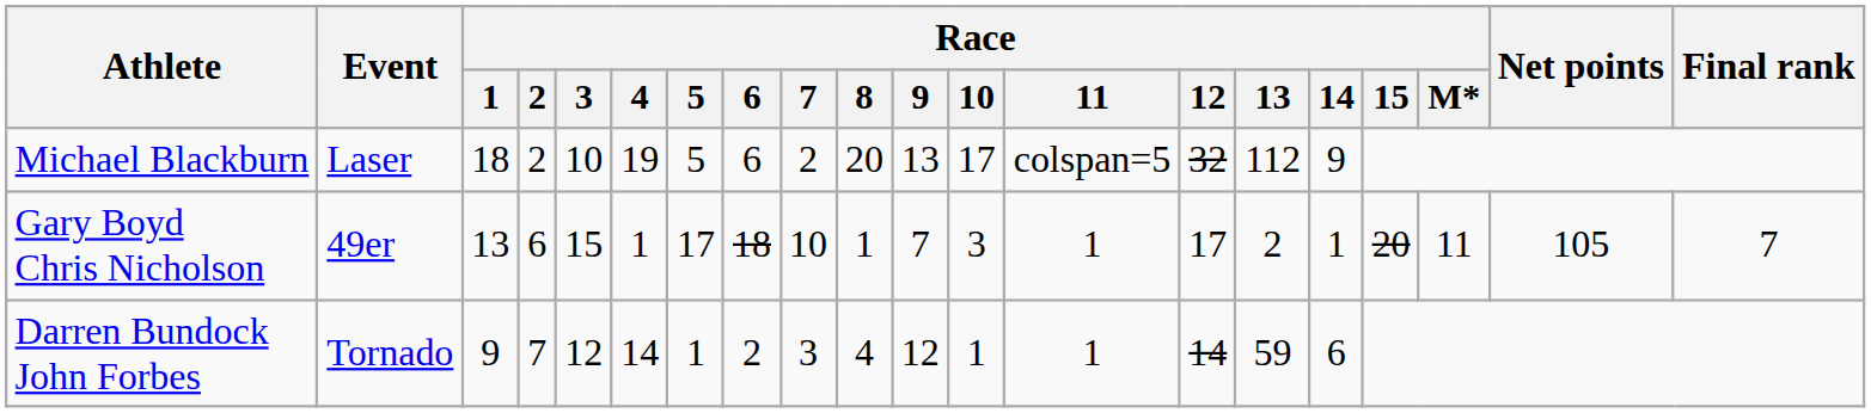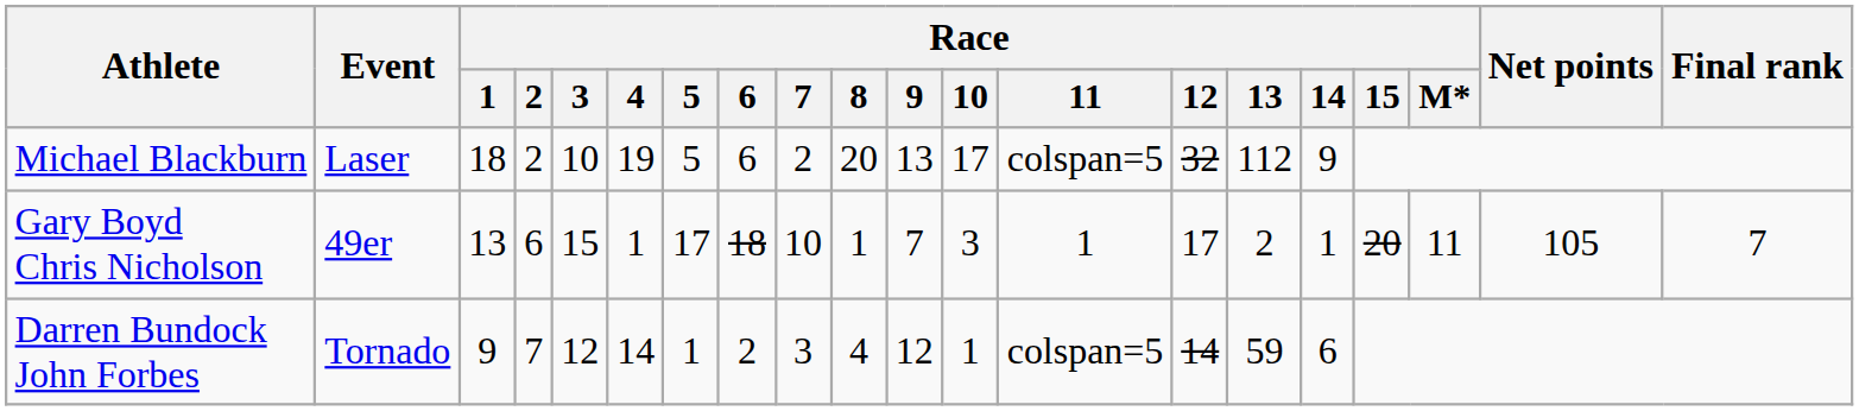 <table class="wikitable" style="font-size:90%">
 <tr>
 <th rowspan=2>Athlete</th>
 <th rowspan=2>Event</th>
 <th colspan=16>Race</th>
 <th rowspan=2>Net points</th>
 <th rowspan=2>Final rank</th>
 </tr>
 <tr style="font-size:95%">
 <th>1</th>
 <th>2</th>
 <th>3</th>
 <th>4</th>
 <th>5</th>
 <th>6</th>
 <th>7</th>
 <th>8</th>
 <th>9</th>
 <th>10</th>
 <th>11</th>
 <th>12</th>
 <th>13</th>
 <th>14</th>
 <th>15</th>
 <th>M*</th>
 </tr>
 <tr align=center>
 <td align=left><a href='#'>Michael Blackburn</a></td>
 <td align=left><a href='#'>Laser</a></td>
 <td>18</td>
 <td>2</td>
 <td>10</td>
 <td>19</td>
 <td>5</td>
 <td>6</td>
 <td>2</td>
 <td>20</td>
 <td>13</td>
 <td>17</td>
 <td>colspan=5 </td>
 <td><s>32</s></td>
 <td>112</td>
 <td>9</td>
 </tr>
 <tr align=center>
 <td align=left><a href='#'>Gary Boyd</a><br><a href='#'>Chris Nicholson</a></td>
 <td align=left><a href='#'>49er</a></td>
 <td>13</td>
 <td>6</td>
 <td>15</td>
 <td>1</td>
 <td>17</td>
 <td><s>18</s></td>
 <td>10</td>
 <td>1</td>
 <td>7</td>
 <td>3</td>
 <td>1</td>
 <td>17</td>
 <td>2</td>
 <td>1</td>
 <td><s>20</s></td>
 <td>11</td>
 <td>105</td>
 <td>7</td>
 </tr>
 <tr align=center>
 <td align=left><a href='#'>Darren Bundock</a><br><a href='#'>John Forbes</a></td>
 <td align=left><a href='#'>Tornado</a></td>
 <td>9</td>
 <td>7</td>
 <td>12</td>
 <td>14</td>
 <td>1</td>
 <td>2</td>
 <td>3</td>
 <td>4</td>
 <td>12</td>
 <td>1</td>
-<td>1</td>
+<td>colspan=5 </td>
 <td><s>14</s></td>
 <td>59</td>
 <td>6</td>
 </tr>
 </table>
